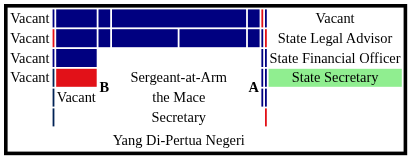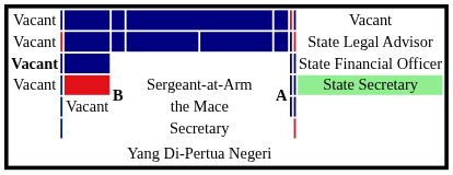 <table style="font-size:100%; text-align:center; border: 4px solid">
 <tr>
 <td>Vacant</td>
 <td style="background-color:#000080;"></td>
 <td style="background-color:#000080;"></td>
 <td style="background-color:#000080;"></td>
 <td colspan="2" style="background-color:#000080;"></td>
 <td style="background-color:#000080;"></td>
 <td style="background-color:#E21118;"></td>
 <td style="background-color:#000080;"></td>
 <td>Vacant</td>
 </tr>
 <tr>
 <td>Vacant</td>
 <td style="background-color:#E21118;"></td>
 <td style="background-color:#000080;"></td>
 <td bgcolor=#000080></td>
 <td style="background-color:#000080;"></td>
 <td style="background-color:#000080;"></td>
 <td style="background-color:#000080;"></td>
 <td style="background-color:#000080;"></td>
 <td style="background-color:#E21118;"></td>
 <td>State Legal Advisor</td>
 </tr>
 <tr>
-<td>Vacant</td>
+<td><strong>Vacant</strong></td>
 <td style="background-color:#000080;"></td>
 <td style="background-color:#000080;"></td>
 <td rowspan="4"><strong>B</strong></td>
 <td></td>
 <td></td>
 <td rowspan=4><strong>A</strong></td>
 <td style="background-color:#000080;"></td>
 <td style="background-color:#000080;"></td>
 <td>State Financial Officer</td>
 </tr>
 <tr>
 <td>Vacant</td>
 <td style="background-color:#002255;"></td>
 <td style="background-color:#E21118;"></td>
 <td colspan="2">Sergeant-at-Arm</td>
 <td style="background-color:#000080;"></td>
 <td style="background-color:#000080;"></td>
 <td style="background: lightgreen;">State Secretary</td>
 </tr>
 <tr>
 <td></td>
 <td style="background-color:#002255;"></td>
 <td>Vacant</td>
 <td colspan="2">the Mace</td>
 <td style="background-color:#000080;"></td>
 <td style="background-color:#000080;"></td>
 </tr>
 <tr>
 <td></td>
 <td style="background-color:#002255;"></td>
 <td></td>
 <td colspan=2>Secretary</td>
 <td></td>
 <td style="background-color:#E21118;"></td>
 <td></td>
 </tr>
 <tr>
 <td colspan=4></td>
 <td colspan=2 bgcolor=></td>
 <td colspan="4"></td>
 </tr>
 <tr>
 <td colspan=4></td>
 <td colspan=2>Yang Di-Pertua Negeri</td>
 <td colspan="4"></td>
 </tr>
 </table>
